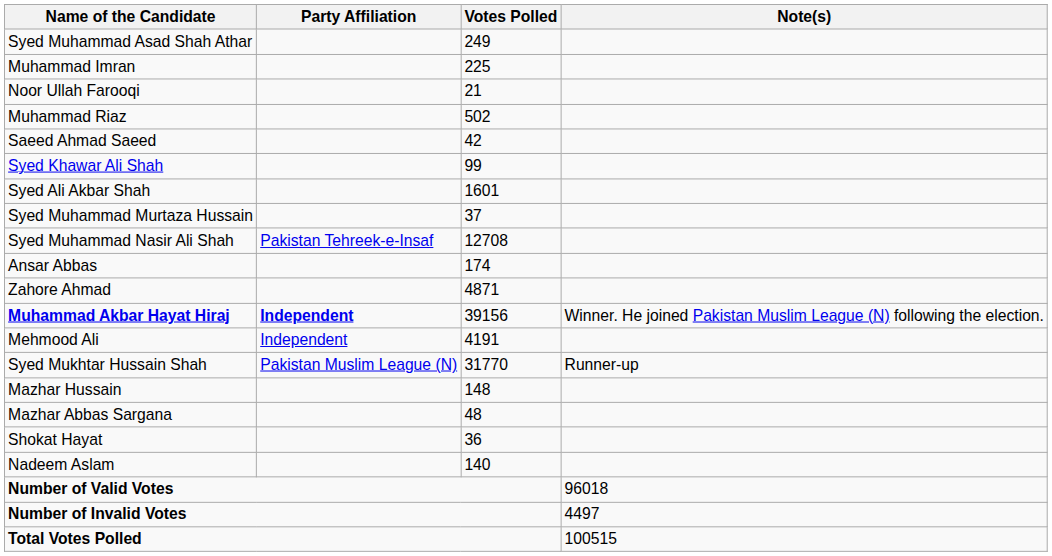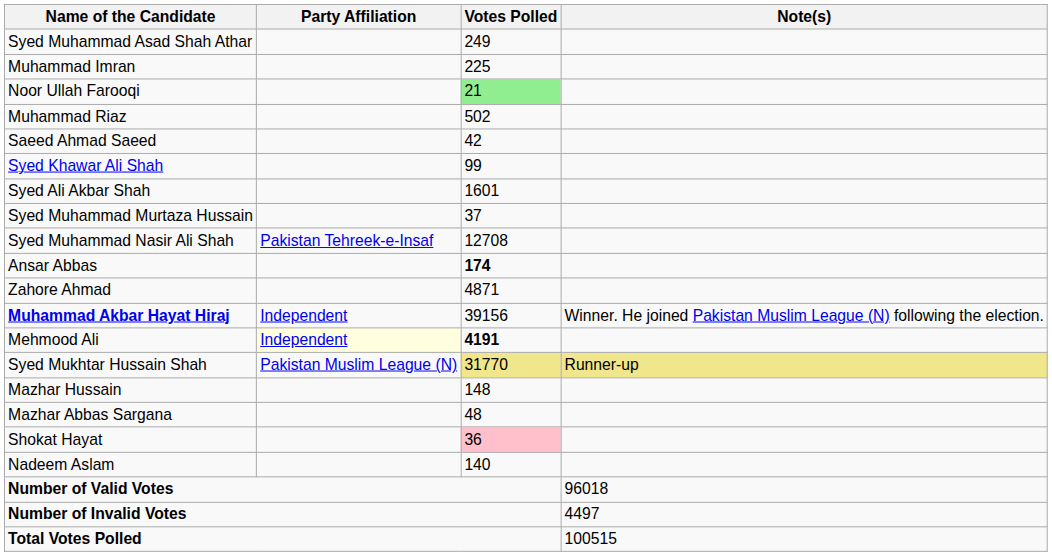 <table class="wikitable">
 <tr>
 <th>Name of the Candidate</th>
 <th>Party Affiliation</th>
 <th>Votes Polled</th>
 <th>Note(s)</th>
 </tr>
 <tr>
 <td>Syed Muhammad Asad Shah Athar</td>
 <td></td>
 <td>249</td>
 <td></td>
 </tr>
 <tr>
 <td>Muhammad Imran</td>
 <td></td>
 <td>225</td>
 <td></td>
 </tr>
 <tr>
 <td>Noor Ullah Farooqi</td>
 <td></td>
-<td>21</td>
+<td style="background: lightgreen;">21</td>
 <td></td>
 </tr>
 <tr>
 <td>Muhammad Riaz</td>
 <td></td>
 <td>502</td>
 <td></td>
 </tr>
 <tr>
 <td>Saeed Ahmad Saeed</td>
 <td></td>
 <td>42</td>
 <td></td>
 </tr>
 <tr>
 <td><a href='#'>Syed Khawar Ali Shah</a></td>
 <td></td>
 <td>99</td>
 <td></td>
 </tr>
 <tr>
 <td>Syed Ali Akbar Shah</td>
 <td></td>
 <td>1601</td>
 <td></td>
 </tr>
 <tr>
 <td>Syed Muhammad Murtaza Hussain</td>
 <td></td>
 <td>37</td>
 <td></td>
 </tr>
 <tr>
 <td>Syed Muhammad Nasir Ali Shah</td>
 <td><a href='#'>Pakistan Tehreek-e-Insaf</a></td>
 <td>12708</td>
 <td></td>
 </tr>
 <tr>
 <td>Ansar Abbas</td>
 <td></td>
-<td>174</td>
+<td><strong>174</strong></td>
 <td></td>
 </tr>
 <tr>
 <td>Zahore Ahmad</td>
 <td></td>
 <td>4871</td>
 <td></td>
 </tr>
 <tr>
 <td><strong><a href='#'>Muhammad Akbar Hayat Hiraj</a></strong></td>
-<td><strong><a href='#'>Independent</a></strong></td>
+<td><a href='#'>Independent</a></td>
 <td>39156</td>
 <td>Winner. He joined <a href='#'>Pakistan Muslim League (N)</a> following the election.</td>
 </tr>
 <tr>
 <td>Mehmood Ali</td>
-<td><a href='#'>Independent</a></td>
-<td>4191</td>
+<td style="background: lightyellow;"><a href='#'>Independent</a></td>
+<td><strong>4191</strong></td>
 <td></td>
 </tr>
 <tr>
 <td>Syed Mukhtar Hussain Shah</td>
 <td><a href='#'>Pakistan Muslim League (N)</a></td>
-<td>31770</td>
-<td>Runner-up</td>
+<td style="background: khaki;">31770</td>
+<td style="background: khaki;">Runner-up</td>
 </tr>
 <tr>
 <td>Mazhar Hussain</td>
 <td></td>
 <td>148</td>
 <td></td>
 </tr>
 <tr>
 <td>Mazhar Abbas Sargana</td>
 <td></td>
 <td>48</td>
 <td></td>
 </tr>
 <tr>
 <td>Shokat Hayat</td>
 <td></td>
-<td>36</td>
+<td style="background: pink;">36</td>
 <td></td>
 </tr>
 <tr>
 <td>Nadeem Aslam</td>
 <td></td>
 <td>140</td>
 <td></td>
 </tr>
 <tr>
 <td colspan="3"><strong>Number of Valid Votes</strong></td>
 <td>96018</td>
 </tr>
 <tr>
 <td colspan="3"><strong>Number of Invalid Votes</strong></td>
 <td>4497</td>
 </tr>
 <tr>
 <td colspan="3"><strong>Total Votes Polled</strong></td>
 <td>100515</td>
 </tr>
 </table>
